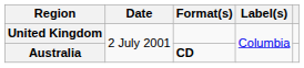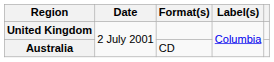 <table class="wikitable plainrowheaders">
 <tr>
 <th scope="col">Region</th>
 <th scope="col">Date</th>
 <th scope="col">Format(s)</th>
 <th scope="col">Label(s)</th>
 <th scope="col"></th>
 </tr>
 <tr>
 <th scope="row">United Kingdom</th>
 <td rowspan="2">2 July 2001</td>
 <td></td>
 <td rowspan="2"><a href='#'>Columbia</a></td>
 <td align="center"></td>
 </tr>
 <tr>
 <th scope="row">Australia</th>
-<td><strong>CD</strong></td>
+<td>CD</td>
 <td align="center"></td>
 </tr>
 </table>
